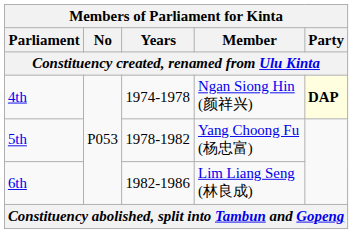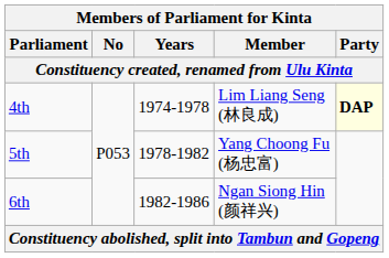 <table class=wikitable>
 <tr>
 <th colspan="5">Members of Parliament for Kinta</th>
 </tr>
 <tr>
 <th>Parliament</th>
 <th>No</th>
 <th>Years</th>
 <th>Member</th>
 <th>Party</th>
 </tr>
 <tr>
 <th colspan="5" align="center"><em>Constituency created, renamed from <a href='#'>Ulu Kinta</a></em></th>
 </tr>
 <tr>
 <td><a href='#'>4th</a></td>
 <td rowspan="3">P053</td>
 <td>1974-1978</td>
-<td><a href='#'>Ngan Siong Hin</a>  <br>(颜祥兴)</td>
+<td><a href='#'>Lim Liang Seng</a> <br> (林良成)</td>
 <td style="background: lightyellow;"><strong>DAP</strong></td>
 </tr>
 <tr>
 <td><a href='#'>5th</a></td>
 <td>1978-1982</td>
 <td><a href='#'>Yang Choong Fu</a> <br> (杨忠富)</td>
 <td rowspan="2"></td>
 </tr>
 <tr>
 <td><a href='#'>6th</a></td>
 <td>1982-1986</td>
-<td><a href='#'>Lim Liang Seng</a> <br> (林良成)</td>
+<td><a href='#'>Ngan Siong Hin</a>  <br>(颜祥兴)</td>
 </tr>
 <tr>
 <th colspan="5" align="center"><em>Constituency abolished, split into <a href='#'>Tambun</a> and <a href='#'>Gopeng</a></em></th>
 </tr>
 </table>
